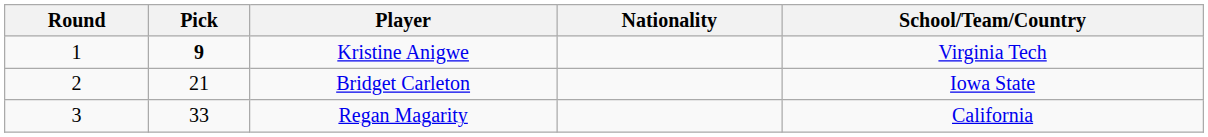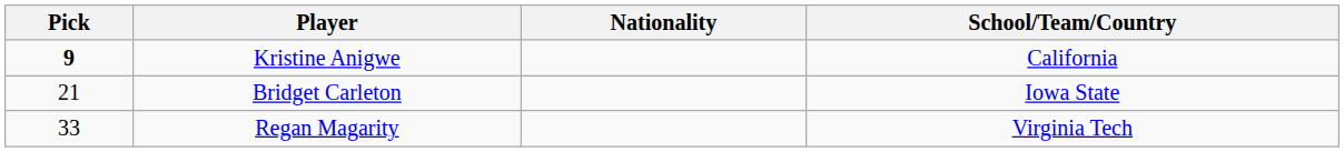 <table class="wikitable" style="text-align:center; width:60em">
 <tr>
-<th>Round</th>
 <th>Pick</th>
 <th>Player</th>
 <th>Nationality</th>
 <th>School/Team/Country</th>
 </tr>
 <tr>
-<td>1</td>
 <td><strong>9</strong></td>
 <td><a href='#'>Kristine Anigwe</a></td>
 <td></td>
-<td><a href='#'>Virginia Tech</a></td>
+<td><a href='#'>California</a></td>
 </tr>
 <tr>
-<td>2</td>
 <td>21</td>
 <td><a href='#'>Bridget Carleton</a></td>
 <td></td>
 <td><a href='#'>Iowa State</a></td>
 </tr>
 <tr>
-<td>3</td>
 <td>33</td>
 <td><a href='#'>Regan Magarity</a></td>
 <td></td>
-<td><a href='#'>California</a></td>
+<td><a href='#'>Virginia Tech</a></td>
 </tr>
 </table>
